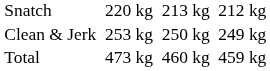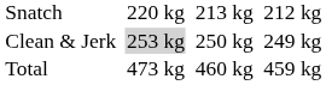 <table>
 <tr>
 <td>Snatch</td>
 <td></td>
 <td>220 kg</td>
 <td></td>
 <td>213 kg</td>
 <td></td>
 <td>212 kg</td>
 </tr>
 <tr>
 <td>Clean & Jerk</td>
 <td></td>
-<td>253 kg</td>
+<td style="background: lightgrey;">253 kg</td>
 <td></td>
 <td>250 kg</td>
 <td></td>
 <td>249 kg</td>
 </tr>
 <tr>
 <td>Total</td>
 <td></td>
 <td>473 kg</td>
 <td></td>
 <td>460 kg</td>
 <td></td>
 <td>459 kg</td>
 </tr>
 </table>
